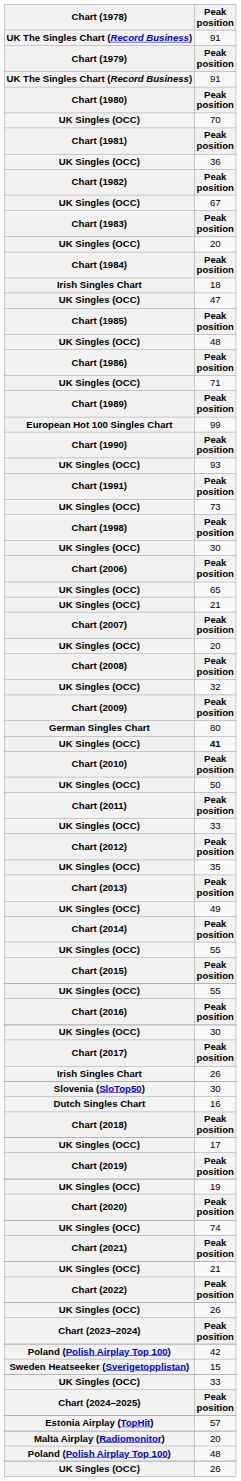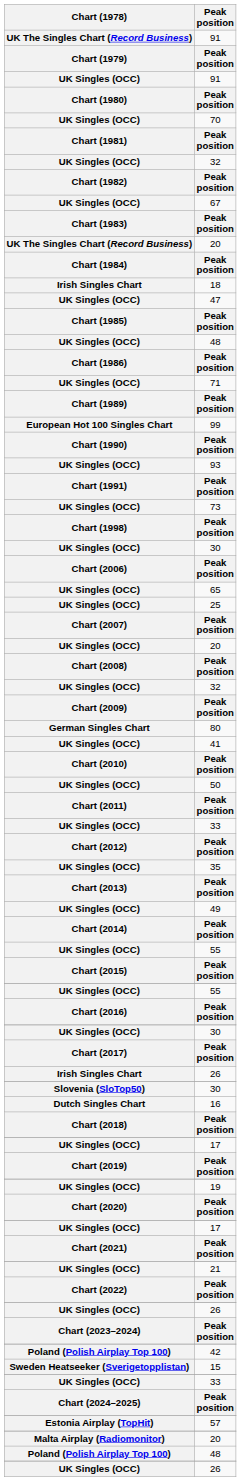 <table class="wikitable plainrowheaders" style="text-align:center">
 <tr>
 <th>Chart (1978)</th>
 <th>Peak<br>position</th>
 </tr>
 <tr>
 <th scope="row">UK The Singles Chart (<em><a href='#'>Record Business</a></em>)</th>
 <td style="text-align:center;">91</td>
 </tr>
 <tr>
 <th>Chart (1979)</th>
 <th>Peak<br>position</th>
 </tr>
 <tr>
-<th scope="row">UK The Singles Chart (<em>Record Business</em>)</th>
+<th scope="row">UK Singles (OCC)</th>
 <td style="text-align:center;">91</td>
 </tr>
 <tr>
 <th>Chart (1980)</th>
 <th>Peak<br>position</th>
 </tr>
 <tr>
 <th scope="row">UK Singles (OCC)</th>
 <td style="text-align:center;">70</td>
 </tr>
 <tr>
 <th>Chart (1981)</th>
 <th>Peak<br>position</th>
 </tr>
 <tr>
 <th scope="row">UK Singles (OCC)</th>
-<td style="text-align:center;">36</td>
+<td style="text-align:center;">32</td>
 </tr>
 <tr>
 <th>Chart (1982)</th>
 <th>Peak<br>position</th>
 </tr>
 <tr>
 <th scope="row">UK Singles (OCC)</th>
 <td style="text-align:center;">67</td>
 </tr>
 <tr>
 <th>Chart (1983)</th>
 <th>Peak<br>position</th>
 </tr>
 <tr>
-<th scope="row">UK Singles (OCC)</th>
+<th scope="row">UK The Singles Chart (<em>Record Business</em>)</th>
 <td style="text-align:center;">20</td>
 </tr>
 <tr>
 <th>Chart (1984)</th>
 <th>Peak<br>position</th>
 </tr>
 <tr>
 <th scope="row">Irish Singles Chart</th>
 <td style="text-align:center;">18</td>
 </tr>
 <tr>
 <th scope="row">UK Singles (OCC)</th>
 <td style="text-align:center;">47</td>
 </tr>
 <tr>
 <th>Chart (1985)</th>
 <th>Peak<br>position</th>
 </tr>
 <tr>
 <th scope="row">UK Singles (OCC)</th>
 <td style="text-align:center;">48</td>
 </tr>
 <tr>
 <th>Chart (1986)</th>
 <th>Peak<br>position</th>
 </tr>
 <tr>
 <th scope="row">UK Singles (OCC)</th>
 <td style="text-align:center;">71</td>
 </tr>
 <tr>
 <th>Chart (1989)</th>
 <th>Peak<br>position</th>
 </tr>
 <tr>
 <th scope="row">European Hot 100 Singles Chart</th>
 <td style="text-align:center;">99</td>
 </tr>
 <tr>
 <th>Chart (1990)</th>
 <th>Peak<br>position</th>
 </tr>
 <tr>
 <th scope="row">UK Singles (OCC)</th>
 <td style="text-align:center;">93</td>
 </tr>
 <tr>
 <th>Chart (1991)</th>
 <th>Peak<br>position</th>
 </tr>
 <tr>
 <th scope="row">UK Singles (OCC)</th>
 <td style="text-align:center;">73</td>
 </tr>
 <tr>
 <th>Chart (1998)</th>
 <th>Peak<br>position</th>
 </tr>
 <tr>
 <th scope="row">UK Singles (OCC)</th>
 <td style="text-align:center;">30</td>
 </tr>
 <tr>
 <th>Chart (2006)</th>
 <th>Peak<br>position</th>
 </tr>
 <tr>
 <th scope="row">UK Singles (OCC)</th>
 <td style="text-align:center;">65</td>
 </tr>
 <tr>
 <th scope="row">UK Singles (OCC)</th>
-<td style="text-align:center;">21</td>
+<td style="text-align:center;">25</td>
 </tr>
 <tr>
 <th>Chart (2007)</th>
 <th>Peak<br>position</th>
 </tr>
 <tr>
 <th scope="row">UK Singles (OCC)</th>
 <td style="text-align:center;">20</td>
 </tr>
 <tr>
 <th>Chart (2008)</th>
 <th>Peak<br>position</th>
 </tr>
 <tr>
 <th scope="row">UK Singles (OCC)</th>
 <td style="text-align:center;">32</td>
 </tr>
 <tr>
 <th>Chart (2009)</th>
 <th>Peak<br>position</th>
 </tr>
 <tr>
 <th scope="row">German Singles Chart</th>
 <td style="text-align:center;">80</td>
 </tr>
 <tr>
 <th scope="row">UK Singles (OCC)</th>
-<td style="text-align:center;"><strong>41</strong></td>
+<td style="text-align:center;">41</td>
 </tr>
 <tr>
 <th>Chart (2010)</th>
 <th>Peak<br>position</th>
 </tr>
 <tr>
 <th scope="row">UK Singles (OCC)</th>
 <td style="text-align:center;">50</td>
 </tr>
 <tr>
 <th>Chart (2011)</th>
 <th>Peak<br>position</th>
 </tr>
 <tr>
 <th scope="row">UK Singles (OCC)</th>
 <td style="text-align:center;">33</td>
 </tr>
 <tr>
 <th>Chart (2012)</th>
 <th>Peak<br>position</th>
 </tr>
 <tr>
 <th scope="row">UK Singles (OCC)</th>
 <td style="text-align:center;">35</td>
 </tr>
 <tr>
 <th>Chart (2013)</th>
 <th>Peak<br>position</th>
 </tr>
 <tr>
 <th scope="row">UK Singles (OCC)</th>
 <td style="text-align:center;">49</td>
 </tr>
 <tr>
 <th>Chart (2014)</th>
 <th>Peak<br>position</th>
 </tr>
 <tr>
 <th scope="row">UK Singles (OCC)</th>
 <td style="text-align:center;">55</td>
 </tr>
 <tr>
 <th>Chart (2015)</th>
 <th>Peak<br>position</th>
 </tr>
 <tr>
 </tr>
 <tr>
 <th scope="row">UK Singles (OCC)</th>
 <td style="text-align:center;">55</td>
 </tr>
 <tr>
 <th>Chart (2016)</th>
 <th>Peak<br>position</th>
 </tr>
 <tr>
 </tr>
 <tr>
 <th scope="row">UK Singles (OCC)</th>
 <td style="text-align:center;">30</td>
 </tr>
 <tr>
 <th>Chart (2017)</th>
 <th>Peak<br>position</th>
 </tr>
 <tr>
 <th scope="row">Irish Singles Chart</th>
 <td>26</td>
 </tr>
 <tr>
 </tr>
 <tr>
 <th scope="row">Slovenia (<a href='#'>SloTop50</a>)</th>
 <td>30</td>
 </tr>
 <tr>
 <th scope="row">Dutch Singles Chart</th>
 <td style="text-align:center;">16</td>
 </tr>
 <tr>
 <th>Chart (2018)</th>
 <th>Peak<br>position</th>
 </tr>
 <tr>
 </tr>
 <tr>
 <th scope="row">UK Singles (OCC)</th>
 <td style="text-align:center;">17</td>
 </tr>
 <tr>
 <th>Chart (2019)</th>
 <th>Peak<br>position</th>
 </tr>
 <tr>
 </tr>
 <tr>
 <th scope="row">UK Singles (OCC)</th>
 <td style="text-align:center;">19</td>
 </tr>
 <tr>
 <th>Chart (2020)</th>
 <th>Peak<br>position</th>
 </tr>
 <tr>
 </tr>
 <tr>
 <th scope="row">UK Singles (OCC)</th>
-<td style="text-align:center;">74</td>
+<td style="text-align:center;">17</td>
 </tr>
 <tr>
 <th>Chart (2021)</th>
 <th>Peak<br>position</th>
 </tr>
 <tr>
 </tr>
 <tr>
 <th scope="row">UK Singles (OCC)</th>
 <td style="text-align:center;">21</td>
 </tr>
 <tr>
 <th>Chart (2022)</th>
 <th>Peak<br>position</th>
 </tr>
 <tr>
 </tr>
 <tr>
 <th scope="row">UK Singles (OCC)</th>
 <td style="text-align:center;">26</td>
 </tr>
 <tr>
 <th>Chart (2023–2024)</th>
 <th>Peak<br>position</th>
 </tr>
 <tr>
 </tr>
 <tr>
 <th scope="row">Poland (<a href='#'>Polish Airplay Top 100</a>)</th>
 <td>42</td>
 </tr>
 <tr>
 <th scope="row">Sweden Heatseeker (<a href='#'>Sverigetopplistan</a>)</th>
 <td>15</td>
 </tr>
 <tr>
 </tr>
 <tr>
 <th scope="row">UK Singles (OCC)</th>
 <td style="text-align:center;">33</td>
 </tr>
 <tr>
 <th>Chart (2024–2025)</th>
 <th>Peak<br>position</th>
 </tr>
 <tr>
 </tr>
 <tr>
 <th scope="row">Estonia Airplay (<a href='#'>TopHit</a>)</th>
 <td>57</td>
 </tr>
 <tr>
 </tr>
 <tr>
 <th scope="row">Malta Airplay (<a href='#'>Radiomonitor</a>)</th>
 <td>20</td>
 </tr>
 <tr>
 <th scope="row">Poland (<a href='#'>Polish Airplay Top 100</a>)</th>
 <td>48</td>
 </tr>
 <tr>
 </tr>
 <tr>
 <th scope="row">UK Singles (OCC)</th>
 <td>26</td>
 </tr>
 </table>
